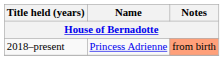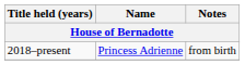 <table class="wikitable">
 <tr>
 <th><strong>Title held (years)</strong></th>
 <th><strong>Name</strong></th>
 <th><strong>Notes</strong></th>
 </tr>
 <tr>
 <th colspan=3><a href='#'>House of Bernadotte</a></th>
 </tr>
 <tr>
 <td>2018–present</td>
 <td><a href='#'>Princess Adrienne</a></td>
-<td style="background: lightsalmon;">from birth</td>
+<td>from birth</td>
 </tr>
 <tr>
 </tr>
 </table>
